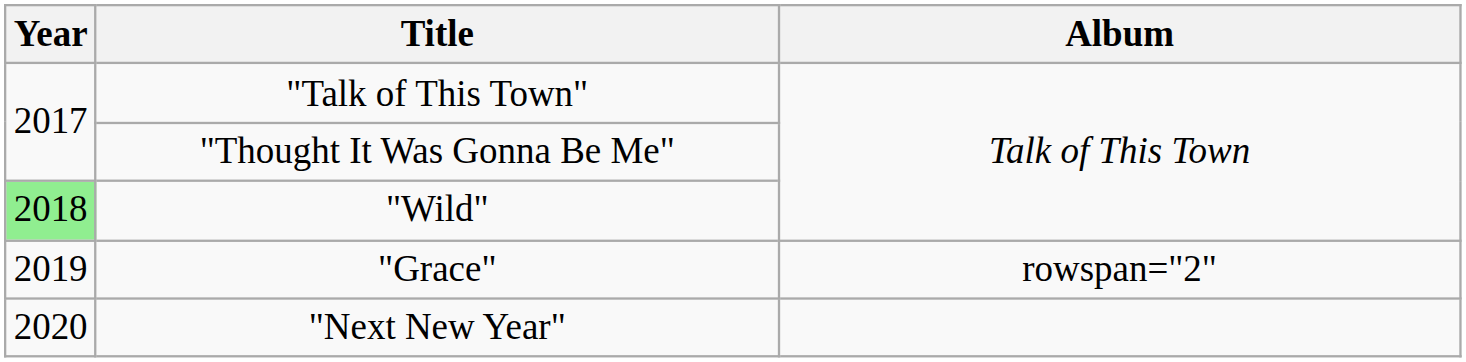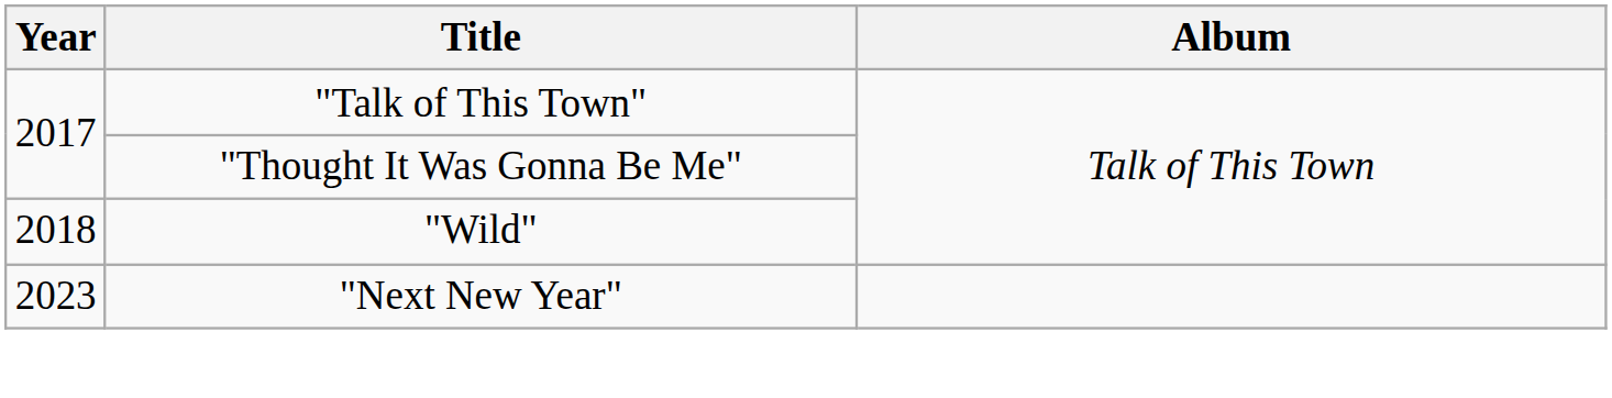 <table class="wikitable plainrowheaders" style="text-align:center;">
 <tr>
 <th>Year</th>
 <th style="width:18em;">Title</th>
 <th style="width:18em;">Album</th>
 </tr>
 <tr>
 <td rowspan="2">2017</td>
 <td>"Talk of This Town"</td>
 <td rowspan="3"><em>Talk of This Town</em></td>
 </tr>
 <tr>
 <td>"Thought It Was Gonna Be Me"</td>
 </tr>
 <tr>
-<td style="background: lightgreen;">2018</td>
+<td>2018</td>
 <td>"Wild"</td>
 </tr>
 <tr>
-<td>2019</td>
-<td>"Grace" </td>
-<td>rowspan="2" </td>
-</tr>
-<tr>
-<td>2020</td>
+<td>2023</td>
 <td>"Next New Year"</td>
 </tr>
 </table>
